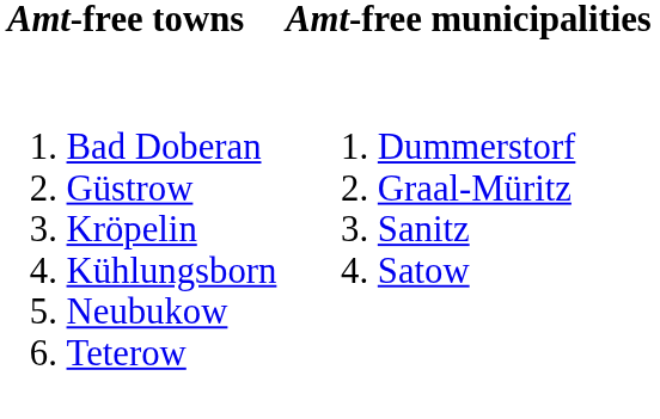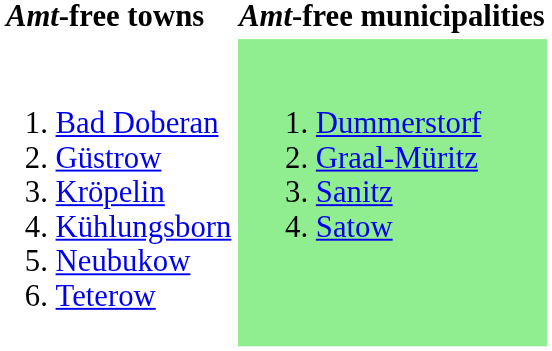 <table>
 <tr ---->
 <th><em>Amt</em>-free towns</th>
 <th><em>Amt</em>-free municipalities</th>
 </tr>
 <tr>
 <td valign=top><br><ol><li><a href='#'>Bad Doberan</a></li><li><a href='#'>Güstrow</a></li><li><a href='#'>Kröpelin</a></li><li><a href='#'>Kühlungsborn</a></li><li><a href='#'>Neubukow</a></li><li><a href='#'>Teterow</a></li></ol></td>
-<td valign=top><br><ol><li><a href='#'>Dummerstorf</a></li><li><a href='#'>Graal-Müritz</a></li><li><a href='#'>Sanitz</a></li><li><a href='#'>Satow</a></li></ol></td>
+<td valign=top style="background: lightgreen;"><br><ol><li><a href='#'>Dummerstorf</a></li><li><a href='#'>Graal-Müritz</a></li><li><a href='#'>Sanitz</a></li><li><a href='#'>Satow</a></li></ol></td>
 </tr>
 </table>
